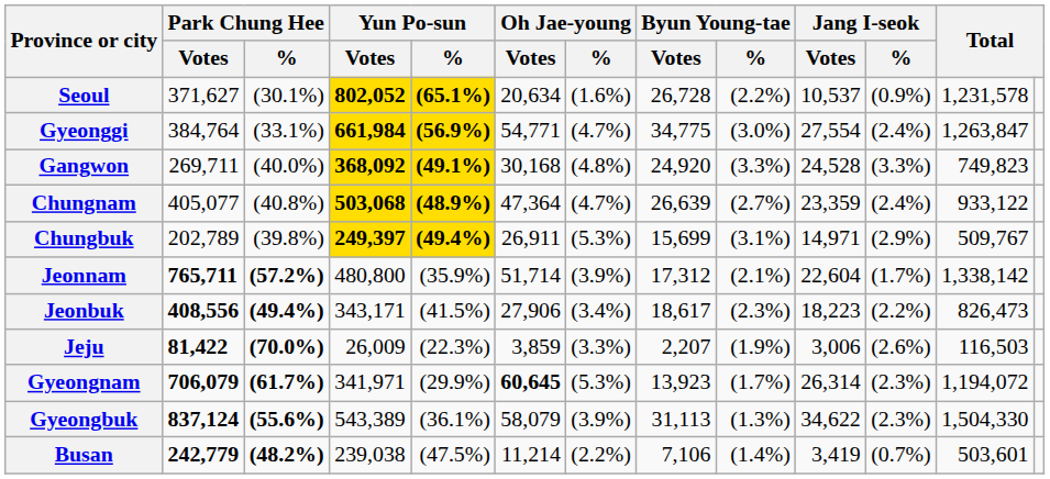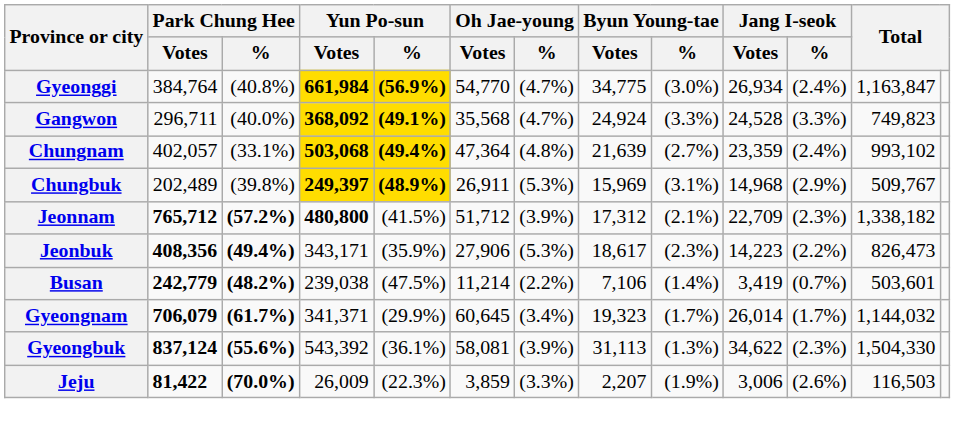 <table class="wikitable" style="font-size:0.85em;">
 <tr>
 <th rowspan="2">Province or city</th>
 <th colspan="2">Park Chung Hee</th>
 <th colspan="2">Yun Po-sun</th>
 <th colspan="2">Oh Jae-young</th>
 <th colspan="2">Byun Young-tae</th>
 <th colspan="2">Jang I-seok</th>
 <th rowspan="2" colspan="2">Total</th>
 </tr>
 <tr>
 <th>Votes</th>
 <th>%</th>
 <th>Votes</th>
 <th>%</th>
 <th>Votes</th>
 <th>%</th>
 <th>Votes</th>
 <th>%</th>
 <th>Votes</th>
 <th>%</th>
 </tr>
 <tr>
-<th><a href='#'>Seoul</a></th>
-<td style="text-align: right;">371,627</td>
-<td style="text-align: right;">(30.1%)</td>
-<td style="background-color: #FFDD00; text-align: right;"><strong>802,052</strong></td>
-<td style="background-color: #FFDD00; text-align: right;"><strong>(65.1%)</strong></td>
-<td style="text-align: right;">20,634</td>
-<td style="text-align: right;">(1.6%)</td>
-<td style="text-align: right;">26,728</td>
-<td style="text-align: right;">(2.2%)</td>
-<td style="text-align: right;">10,537</td>
-<td style="text-align: right;">(0.9%)</td>
-<td style="text-align: right;">1,231,578</td>
-<td></td>
-</tr>
-<tr>
 <th><a href='#'>Gyeonggi</a></th>
 <td style="text-align: right;">384,764</td>
-<td style="text-align: right;">(33.1%)</td>
+<td style="text-align: right;">(40.8%)</td>
 <td style="background-color: #FFDD00; text-align: right;"><strong>661,984</strong></td>
 <td style="background-color: #FFDD00; text-align: right;"><strong>(56.9%)</strong></td>
-<td style="text-align: right;">54,771</td>
+<td style="text-align: right;">54,770</td>
 <td style="text-align: right;">(4.7%)</td>
 <td style="text-align: right;">34,775</td>
 <td style="text-align: right;">(3.0%)</td>
-<td style="text-align: right;">27,554</td>
+<td style="text-align: right;">26,934</td>
 <td style="text-align: right;">(2.4%)</td>
-<td style="text-align: right;">1,263,847</td>
+<td style="text-align: right;">1,163,847</td>
 <td></td>
 </tr>
 <tr>
 <th><a href='#'>Gangwon</a></th>
-<td style="text-align: right;">269,711</td>
+<td style="text-align: right;">296,711</td>
 <td style="text-align: right;">(40.0%)</td>
 <td style="background-color: #FFDD00; text-align: right;"><strong>368,092</strong></td>
 <td style="background-color: #FFDD00; text-align: right;"><strong>(49.1%)</strong></td>
-<td style="text-align: right;">30,168</td>
-<td style="text-align: right;">(4.8%)</td>
-<td style="text-align: right;">24,920</td>
+<td style="text-align: right;">35,568</td>
+<td style="text-align: right;">(4.7%)</td>
+<td style="text-align: right;">24,924</td>
 <td style="text-align: right;">(3.3%)</td>
 <td style="text-align: right;">24,528</td>
 <td style="text-align: right;">(3.3%)</td>
 <td style="text-align: right;">749,823</td>
 <td></td>
 </tr>
 <tr>
 <th><a href='#'>Chungnam</a></th>
-<td style="text-align: right;">405,077</td>
-<td style="text-align: right;">(40.8%)</td>
+<td style="text-align: right;">402,057</td>
+<td style="text-align: right;">(33.1%)</td>
 <td style="background-color: #FFDD00; text-align: right;"><strong>503,068</strong></td>
-<td style="background-color: #FFDD00; text-align: right;"><strong>(48.9%)</strong></td>
+<td style="background-color: #FFDD00; text-align: right;"><strong>(49.4%)</strong></td>
 <td style="text-align: right;">47,364</td>
-<td style="text-align: right;">(4.7%)</td>
-<td style="text-align: right;">26,639</td>
+<td style="text-align: right;">(4.8%)</td>
+<td style="text-align: right;">21,639</td>
 <td style="text-align: right;">(2.7%)</td>
 <td style="text-align: right;">23,359</td>
 <td style="text-align: right;">(2.4%)</td>
-<td style="text-align: right;">933,122</td>
+<td style="text-align: right;">993,102</td>
 <td></td>
 </tr>
 <tr>
 <th><a href='#'>Chungbuk</a></th>
-<td style="text-align: right;">202,789</td>
+<td style="text-align: right;">202,489</td>
 <td style="text-align: right;">(39.8%)</td>
 <td style="background-color: #FFDD00; text-align: right;"><strong>249,397</strong></td>
-<td style="background-color: #FFDD00; text-align: right;"><strong>(49.4%)</strong></td>
+<td style="background-color: #FFDD00; text-align: right;"><strong>(48.9%)</strong></td>
 <td style="text-align: right;">26,911</td>
 <td style="text-align: right;">(5.3%)</td>
-<td style="text-align: right;">15,699</td>
+<td style="text-align: right;">15,969</td>
 <td style="text-align: right;">(3.1%)</td>
-<td style="text-align: right;">14,971</td>
+<td style="text-align: right;">14,968</td>
 <td style="text-align: right;">(2.9%)</td>
 <td style="text-align: right;">509,767</td>
 <td></td>
 </tr>
 <tr>
 <th><a href='#'>Jeonnam</a></th>
-<td style="background-color: "><strong>765,711</strong></td>
+<td style="background-color: "><strong>765,712</strong></td>
 <td style="background-color: "><strong>(57.2%)</strong></td>
-<td style="text-align: right;">480,800</td>
-<td style="text-align: right;">(35.9%)</td>
-<td style="text-align: right;">51,714</td>
+<td style="text-align: right;"><strong>480,800</strong></td>
+<td style="text-align: right;">(41.5%)</td>
+<td style="text-align: right;">51,712</td>
 <td style="text-align: right;">(3.9%)</td>
 <td style="text-align: right;">17,312</td>
 <td style="text-align: right;">(2.1%)</td>
-<td style="text-align: right;">22,604</td>
-<td style="text-align: right;">(1.7%)</td>
-<td style="text-align: right;">1,338,142</td>
+<td style="text-align: right;">22,709</td>
+<td style="text-align: right;">(2.3%)</td>
+<td style="text-align: right;">1,338,182</td>
 <td></td>
 </tr>
 <tr>
 <th><a href='#'>Jeonbuk</a></th>
-<td style="background-color: "><strong>408,556</strong></td>
+<td style="background-color: "><strong>408,356</strong></td>
 <td style="background-color: "><strong>(49.4%)</strong></td>
 <td style="text-align: right;">343,171</td>
-<td style="text-align: right;">(41.5%)</td>
+<td style="text-align: right;">(35.9%)</td>
 <td style="text-align: right;">27,906</td>
-<td style="text-align: right;">(3.4%)</td>
+<td style="text-align: right;">(5.3%)</td>
 <td style="text-align: right;">18,617</td>
 <td style="text-align: right;">(2.3%)</td>
-<td style="text-align: right;">18,223</td>
+<td style="text-align: right;">14,223</td>
 <td style="text-align: right;">(2.2%)</td>
 <td style="text-align: right;">826,473</td>
+<td></td>
+</tr>
+<tr>
+<th><a href='#'>Busan</a></th>
+<td style="background-color: "><strong>242,779</strong></td>
+<td style="background-color: "><strong>(48.2%)</strong></td>
+<td style="text-align: right;">239,038</td>
+<td style="text-align: right;">(47.5%)</td>
+<td style="text-align: right;">11,214</td>
+<td style="text-align: right;">(2.2%)</td>
+<td style="text-align: right;">7,106</td>
+<td style="text-align: right;">(1.4%)</td>
+<td style="text-align: right;">3,419</td>
+<td style="text-align: right;">(0.7%)</td>
+<td style="text-align: right;">503,601</td>
+<td></td>
+</tr>
+<tr>
+<th><a href='#'>Gyeongnam</a></th>
+<td style="background-color: "><strong>706,079</strong></td>
+<td style="background-color: "><strong>(61.7%)</strong></td>
+<td style="text-align: right;">341,371</td>
+<td style="text-align: right;">(29.9%)</td>
+<td style="text-align: right;">60,645</td>
+<td style="text-align: right;">(3.4%)</td>
+<td style="text-align: right;">19,323</td>
+<td style="text-align: right;">(1.7%)</td>
+<td style="text-align: right;">26,014</td>
+<td style="text-align: right;">(1.7%)</td>
+<td style="text-align: right;">1,144,032</td>
+<td></td>
+</tr>
+<tr>
+<th><a href='#'>Gyeongbuk</a></th>
+<td style="background-color: "><strong>837,124</strong></td>
+<td style="background-color: "><strong>(55.6%)</strong></td>
+<td style="text-align: right;">543,392</td>
+<td style="text-align: right;">(36.1%)</td>
+<td style="text-align: right;">58,081</td>
+<td style="text-align: right;">(3.9%)</td>
+<td style="text-align: right;">31,113</td>
+<td style="text-align: right;">(1.3%)</td>
+<td style="text-align: right;">34,622</td>
+<td style="text-align: right;">(2.3%)</td>
+<td style="text-align: right;">1,504,330</td>
 <td></td>
 </tr>
 <tr>
 <th><a href='#'>Jeju</a></th>
 <td style="background-color: "><strong>81,422</strong></td>
 <td style="background-color: "><strong>(70.0%)</strong></td>
 <td style="text-align: right;">26,009</td>
 <td style="text-align: right;">(22.3%)</td>
 <td style="text-align: right;">3,859</td>
 <td style="text-align: right;">(3.3%)</td>
 <td style="text-align: right;">2,207</td>
 <td style="text-align: right;">(1.9%)</td>
 <td style="text-align: right;">3,006</td>
 <td style="text-align: right;">(2.6%)</td>
 <td style="text-align: right;">116,503</td>
 <td></td>
 </tr>
-<tr>
-<th><a href='#'>Gyeongnam</a></th>
-<td style="background-color: "><strong>706,079</strong></td>
-<td style="background-color: "><strong>(61.7%)</strong></td>
-<td style="text-align: right;">341,971</td>
-<td style="text-align: right;">(29.9%)</td>
-<td style="text-align: right;"><strong>60,645</strong></td>
-<td style="text-align: right;">(5.3%)</td>
-<td style="text-align: right;">13,923</td>
-<td style="text-align: right;">(1.7%)</td>
-<td style="text-align: right;">26,314</td>
-<td style="text-align: right;">(2.3%)</td>
-<td style="text-align: right;">1,194,072</td>
-<td></td>
-</tr>
-<tr>
-<th><a href='#'>Gyeongbuk</a></th>
-<td style="background-color: "><strong>837,124</strong></td>
-<td style="background-color: "><strong>(55.6%)</strong></td>
-<td style="text-align: right;">543,389</td>
-<td style="text-align: right;">(36.1%)</td>
-<td style="text-align: right;">58,079</td>
-<td style="text-align: right;">(3.9%)</td>
-<td style="text-align: right;">31,113</td>
-<td style="text-align: right;">(1.3%)</td>
-<td style="text-align: right;">34,622</td>
-<td style="text-align: right;">(2.3%)</td>
-<td style="text-align: right;">1,504,330</td>
-<td></td>
-</tr>
-<tr>
-<th><a href='#'>Busan</a></th>
-<td style="background-color: "><strong>242,779</strong></td>
-<td style="background-color: "><strong>(48.2%)</strong></td>
-<td style="text-align: right;">239,038</td>
-<td style="text-align: right;">(47.5%)</td>
-<td style="text-align: right;">11,214</td>
-<td style="text-align: right;">(2.2%)</td>
-<td style="text-align: right;">7,106</td>
-<td style="text-align: right;">(1.4%)</td>
-<td style="text-align: right;">3,419</td>
-<td style="text-align: right;">(0.7%)</td>
-<td style="text-align: right;">503,601</td>
-<td></td>
-</tr>
 </table>
